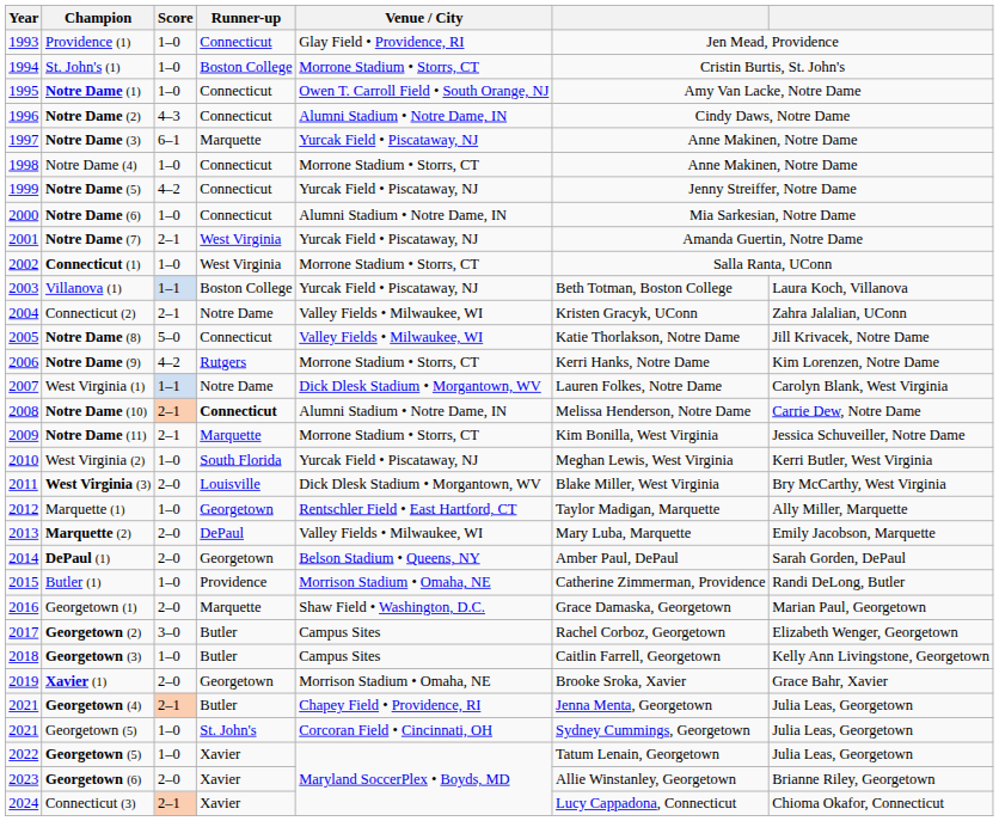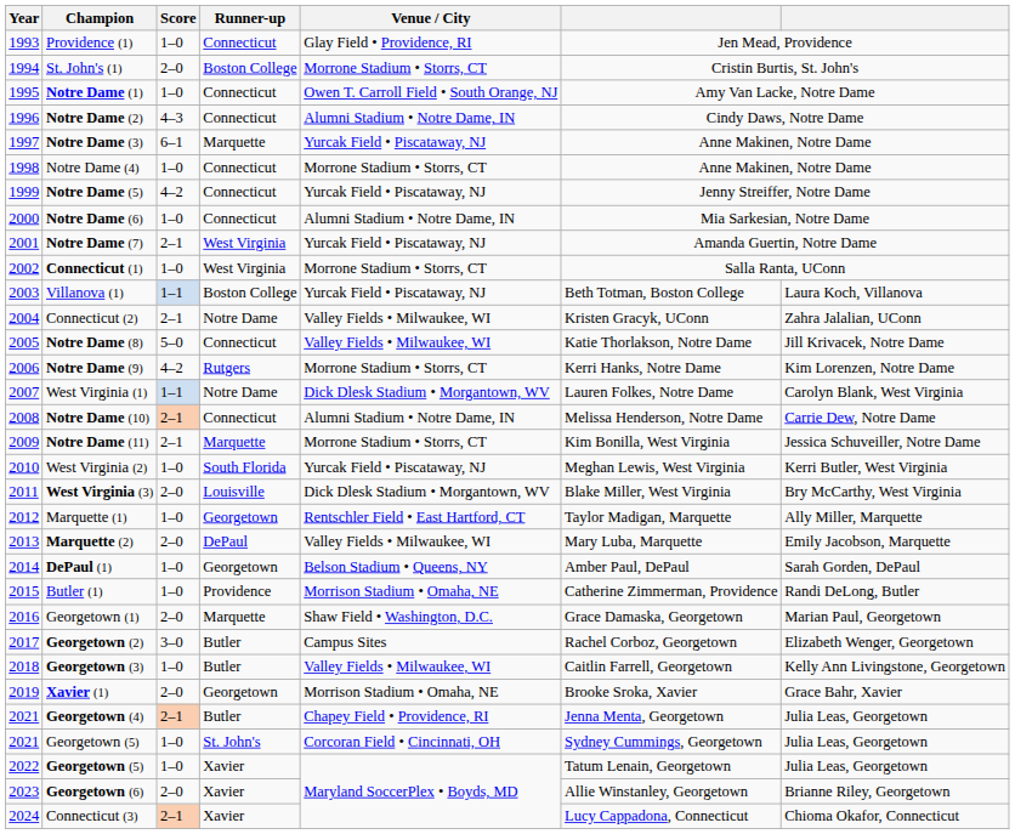 <table class="wikitable sortable" style="font-size: 95%;">
 <tr>
 <th width=px>Year</th>
 <th width=px>Champion</th>
 <th width=px>Score</th>
 <th width=px>Runner-up</th>
 <th width=px>Venue / City</th>
 <th width=px></th>
 <th width=px></th>
 </tr>
 <tr>
 <td><a href='#'>1993</a></td>
 <td><a href='#'>Providence</a> <small>(1)</small></td>
 <td>1–0</td>
 <td><a href='#'>Connecticut</a></td>
 <td>Glay Field • <a href='#'>Providence, RI</a></td>
 <td colspan=2 align=center>Jen Mead, Providence</td>
 </tr>
 <tr>
 <td><a href='#'>1994</a></td>
 <td><a href='#'>St. John's</a> <small>(1)</small></td>
-<td>1–0</td>
+<td>2–0</td>
 <td><a href='#'>Boston College</a></td>
 <td><a href='#'>Morrone Stadium</a> • <a href='#'>Storrs, CT</a></td>
 <td colspan=2 align=center>Cristin Burtis, St. John's</td>
 </tr>
 <tr>
 <td><a href='#'>1995</a></td>
 <td><strong><a href='#'>Notre Dame</a></strong> <small>(1)</small></td>
 <td>1–0</td>
 <td>Connecticut</td>
 <td><a href='#'>Owen T. Carroll Field</a> • <a href='#'>South Orange, NJ</a></td>
 <td colspan=2 align=center>Amy Van Lacke, Notre Dame</td>
 </tr>
 <tr>
 <td><a href='#'>1996</a></td>
 <td><strong>Notre Dame</strong> <small>(2)</small></td>
 <td>4–3</td>
 <td>Connecticut</td>
 <td><a href='#'>Alumni Stadium</a> • <a href='#'>Notre Dame, IN</a></td>
 <td colspan=2 align=center>Cindy Daws, Notre Dame</td>
 </tr>
 <tr>
 <td><a href='#'>1997</a></td>
 <td><strong>Notre Dame</strong> <small>(3)</small></td>
 <td>6–1</td>
 <td>Marquette</td>
 <td><a href='#'>Yurcak Field</a> • <a href='#'>Piscataway, NJ</a></td>
 <td colspan=2 align=center>Anne Makinen, Notre Dame</td>
 </tr>
 <tr>
 <td><a href='#'>1998</a></td>
 <td>Notre Dame <small>(4)</small></td>
 <td>1–0</td>
 <td>Connecticut</td>
 <td>Morrone Stadium • Storrs, CT</td>
 <td colspan=2 align=center>Anne Makinen, Notre Dame</td>
 </tr>
 <tr>
 <td><a href='#'>1999</a></td>
 <td><strong>Notre Dame</strong> <small>(5)</small></td>
 <td>4–2</td>
 <td>Connecticut</td>
 <td>Yurcak Field • Piscataway, NJ</td>
 <td colspan=2 align=center>Jenny Streiffer, Notre Dame</td>
 </tr>
 <tr>
 <td><a href='#'>2000</a></td>
 <td><strong>Notre Dame</strong> <small>(6)</small></td>
 <td>1–0</td>
 <td>Connecticut</td>
 <td>Alumni Stadium • Notre Dame, IN</td>
 <td colspan=2 align=center>Mia Sarkesian, Notre Dame</td>
 </tr>
 <tr>
 <td><a href='#'>2001</a></td>
 <td><strong>Notre Dame</strong> <small>(7)</small></td>
 <td>2–1</td>
 <td><a href='#'>West Virginia</a></td>
 <td>Yurcak Field • Piscataway, NJ</td>
 <td colspan=2 align=center>Amanda Guertin, Notre Dame</td>
 </tr>
 <tr>
 <td><a href='#'>2002</a></td>
 <td><strong>Connecticut</strong> <small>(1)</small></td>
 <td>1–0</td>
 <td>West Virginia</td>
 <td>Morrone Stadium • Storrs, CT</td>
 <td colspan=2 align=center>Salla Ranta, UConn</td>
 </tr>
 <tr>
 <td><a href='#'>2003</a></td>
 <td><a href='#'>Villanova</a> <small>(1)</small></td>
 <td style="background-color:#cedff2">1–1 </td>
 <td>Boston College</td>
 <td>Yurcak Field • Piscataway, NJ</td>
 <td>Beth Totman, Boston College</td>
 <td>Laura Koch, Villanova</td>
 </tr>
 <tr>
 <td><a href='#'>2004</a></td>
 <td>Connecticut <small>(2)</small></td>
 <td>2–1</td>
 <td>Notre Dame</td>
 <td>Valley Fields • Milwaukee, WI</td>
 <td>Kristen Gracyk, UConn</td>
 <td>Zahra Jalalian, UConn</td>
 </tr>
 <tr>
 <td><a href='#'>2005</a></td>
 <td><strong>Notre Dame</strong> <small>(8)</small></td>
 <td>5–0</td>
 <td>Connecticut</td>
 <td><a href='#'>Valley Fields</a> • <a href='#'>Milwaukee, WI</a></td>
 <td>Katie Thorlakson, Notre Dame</td>
 <td>Jill Krivacek, Notre Dame</td>
 </tr>
 <tr>
 <td><a href='#'>2006</a></td>
 <td><strong>Notre Dame</strong> <small>(9)</small></td>
 <td>4–2</td>
 <td><a href='#'>Rutgers</a></td>
 <td>Morrone Stadium • Storrs, CT</td>
 <td>Kerri Hanks, Notre Dame</td>
 <td>Kim Lorenzen, Notre Dame</td>
 </tr>
 <tr>
 <td><a href='#'>2007</a></td>
 <td>West Virginia <small>(1)</small></td>
 <td style="background-color:#cedff2">1–1 </td>
 <td>Notre Dame</td>
 <td><a href='#'>Dick Dlesk Stadium</a> • <a href='#'>Morgantown, WV</a></td>
 <td>Lauren Folkes, Notre Dame</td>
 <td>Carolyn Blank, West Virginia</td>
 </tr>
 <tr>
 <td><a href='#'>2008</a></td>
 <td><strong>Notre Dame</strong> <small>(10)</small></td>
 <td style="background-color:#FBCEB1">2–1 </td>
-<td><strong>Connecticut</strong></td>
+<td>Connecticut</td>
 <td>Alumni Stadium • Notre Dame, IN</td>
 <td>Melissa Henderson, Notre Dame</td>
 <td><a href='#'>Carrie Dew</a>, Notre Dame</td>
 </tr>
 <tr>
 <td><a href='#'>2009</a></td>
 <td><strong>Notre Dame</strong> <small>(11)</small></td>
 <td>2–1</td>
 <td><a href='#'>Marquette</a></td>
 <td>Morrone Stadium • Storrs, CT</td>
 <td>Kim Bonilla, West Virginia</td>
 <td>Jessica Schuveiller, Notre Dame</td>
 </tr>
 <tr>
 <td><a href='#'>2010</a></td>
 <td>West Virginia <small>(2)</small></td>
 <td>1–0</td>
 <td><a href='#'>South Florida</a></td>
 <td>Yurcak Field • Piscataway, NJ</td>
 <td>Meghan Lewis, West Virginia</td>
 <td>Kerri Butler, West Virginia</td>
 </tr>
 <tr>
 <td><a href='#'>2011</a></td>
 <td><strong>West Virginia</strong> <small>(3)</small></td>
 <td>2–0</td>
 <td><a href='#'>Louisville</a></td>
 <td>Dick Dlesk Stadium • Morgantown, WV</td>
 <td>Blake Miller, West Virginia</td>
 <td>Bry McCarthy, West Virginia</td>
 </tr>
 <tr>
 <td><a href='#'>2012</a></td>
 <td>Marquette <small>(1)</small></td>
 <td>1–0</td>
 <td><a href='#'>Georgetown</a></td>
 <td><a href='#'>Rentschler Field</a> • <a href='#'>East Hartford, CT</a></td>
 <td>Taylor Madigan, Marquette</td>
 <td>Ally Miller, Marquette</td>
 </tr>
 <tr>
 <td><a href='#'>2013</a></td>
 <td><strong>Marquette</strong> <small>(2)</small></td>
 <td>2–0</td>
 <td><a href='#'>DePaul</a></td>
 <td>Valley Fields • Milwaukee, WI</td>
 <td>Mary Luba, Marquette</td>
 <td>Emily Jacobson, Marquette</td>
 </tr>
 <tr>
 <td><a href='#'>2014</a></td>
 <td><strong>DePaul</strong> <small>(1)</small></td>
-<td>2–0</td>
+<td>1–0</td>
 <td>Georgetown</td>
 <td><a href='#'>Belson Stadium</a> • <a href='#'>Queens, NY</a></td>
 <td>Amber Paul, DePaul</td>
 <td>Sarah Gorden, DePaul</td>
 </tr>
 <tr>
 <td><a href='#'>2015</a></td>
 <td><a href='#'>Butler</a> <small>(1)</small></td>
 <td>1–0</td>
 <td>Providence</td>
 <td><a href='#'>Morrison Stadium</a> • <a href='#'>Omaha, NE</a></td>
 <td>Catherine Zimmerman, Providence</td>
 <td>Randi DeLong, Butler</td>
 </tr>
 <tr>
 <td><a href='#'>2016</a></td>
 <td>Georgetown <small>(1)</small></td>
 <td>2–0</td>
 <td>Marquette</td>
 <td>Shaw Field • <a href='#'>Washington, D.C.</a></td>
 <td>Grace Damaska, Georgetown</td>
 <td>Marian Paul, Georgetown</td>
 </tr>
 <tr>
 <td><a href='#'>2017</a></td>
 <td><strong>Georgetown</strong> <small>(2)</small></td>
 <td>3–0</td>
 <td>Butler</td>
 <td>Campus Sites </td>
 <td>Rachel Corboz, Georgetown</td>
 <td>Elizabeth Wenger, Georgetown</td>
 </tr>
 <tr>
 <td><a href='#'>2018</a></td>
 <td><strong>Georgetown</strong> <small>(3)</small></td>
 <td>1–0</td>
 <td>Butler</td>
-<td>Campus Sites </td>
+<td><a href='#'>Valley Fields</a> • <a href='#'>Milwaukee, WI</a></td>
 <td>Caitlin Farrell, Georgetown</td>
 <td>Kelly Ann Livingstone, Georgetown</td>
 </tr>
 <tr>
 <td><a href='#'>2019</a></td>
 <td><strong><a href='#'>Xavier</a></strong> <small>(1)</small></td>
 <td>2–0</td>
 <td>Georgetown</td>
 <td>Morrison Stadium • Omaha, NE </td>
 <td>Brooke Sroka, Xavier</td>
 <td>Grace Bahr, Xavier</td>
 </tr>
 <tr>
 <td><a href='#'>2021 </a></td>
 <td><strong>Georgetown</strong> <small>(4)</small></td>
 <td style="background-color:#FBCEB1">2–1 </td>
 <td>Butler</td>
 <td><a href='#'>Chapey Field</a> • <a href='#'>Providence, RI</a></td>
 <td><a href='#'>Jenna Menta</a>, Georgetown</td>
 <td>Julia Leas, Georgetown</td>
 </tr>
 <tr>
 <td><a href='#'>2021</a></td>
 <td>Georgetown <small>(5)</small></td>
 <td>1–0</td>
 <td><a href='#'>St. John's</a></td>
 <td><a href='#'>Corcoran Field</a> • <a href='#'>Cincinnati, OH</a> </td>
 <td><a href='#'>Sydney Cummings</a>, Georgetown</td>
 <td>Julia Leas, Georgetown</td>
 </tr>
 <tr>
 <td><a href='#'>2022</a></td>
 <td><strong>Georgetown</strong> <small>(5)</small></td>
 <td>1–0</td>
 <td>Xavier</td>
 <td rowspan=3><a href='#'>Maryland SoccerPlex</a> • <a href='#'>Boyds, MD</a> </td>
 <td>Tatum Lenain, Georgetown</td>
 <td>Julia Leas, Georgetown</td>
 </tr>
 <tr>
 <td><a href='#'>2023</a></td>
 <td><strong>Georgetown</strong> <small>(6)</small></td>
 <td>2–0</td>
 <td>Xavier</td>
 <td>Allie Winstanley, Georgetown</td>
 <td>Brianne Riley, Georgetown</td>
 </tr>
 <tr>
 <td><a href='#'>2024</a></td>
 <td>Connecticut <small>(3)</small></td>
 <td style="background-color:#FBCEB1">2–1 </td>
 <td>Xavier</td>
 <td><a href='#'>Lucy Cappadona</a>, Connecticut</td>
 <td>Chioma Okafor, Connecticut</td>
 </tr>
 </table>
